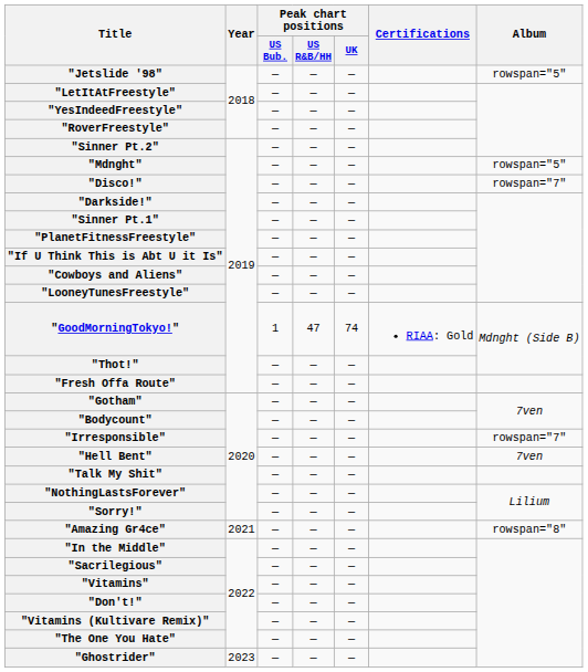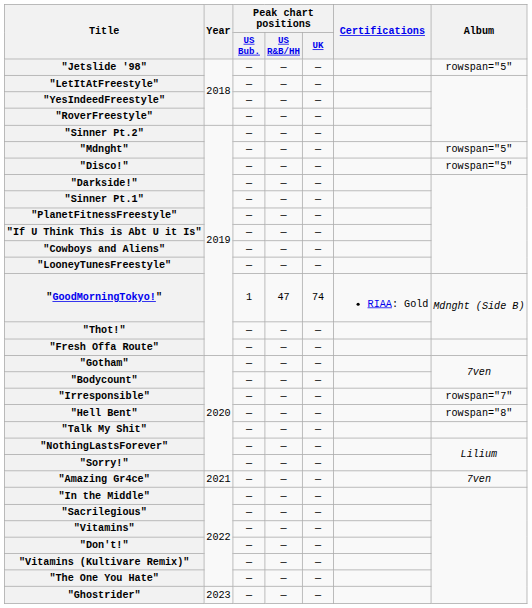 <table class="wikitable plainrowheaders" style="text-align:center;">
 <tr>
 <th rowspan="2" scope="col">Title</th>
 <th scope="col" rowspan="2">Year</th>
 <th colspan="3">Peak chart positions</th>
 <th rowspan="2"><a href='#'>Certifications</a></th>
 <th scope="col" rowspan="2">Album</th>
 </tr>
 <tr>
 <th scope="col" style="width:3em;font-size:90%;"><a href='#'>US<br>Bub.</a><br></th>
 <th scope="col" style="width:3em;font-size:90%;"><a href='#'>US<br>R&B/HH</a><br></th>
 <th scope="col" style="width:3em;font-size:90%;"><a href='#'>UK</a><br></th>
 </tr>
 <tr>
 <th scope="row">"Jetslide '98"</th>
 <td rowspan="4" align="center">2018</td>
 <td>—</td>
 <td>—</td>
 <td>—</td>
 <td></td>
 <td>rowspan="5" </td>
 </tr>
 <tr>
 <th scope="row">"LetItAtFreestyle"</th>
 <td>—</td>
 <td>—</td>
 <td>—</td>
 <td></td>
 </tr>
 <tr>
 <th scope="row">"YesIndeedFreestyle"</th>
 <td>—</td>
 <td>—</td>
 <td>—</td>
 <td></td>
 </tr>
 <tr>
 <th scope="row">"RoverFreestyle"</th>
 <td>—</td>
 <td>—</td>
 <td>—</td>
 <td></td>
 </tr>
 <tr>
 <th scope="row">"Sinner Pt.2"</th>
 <td rowspan="12" align="center">2019</td>
 <td>—</td>
 <td>—</td>
 <td>—</td>
 <td></td>
 </tr>
 <tr>
 <th scope="row">"Mdnght"</th>
 <td>—</td>
 <td>—</td>
 <td>—</td>
 <td></td>
 <td>rowspan="5" </td>
 </tr>
 <tr>
 <th scope="row">"Disco!"</th>
 <td>—</td>
 <td>—</td>
 <td>—</td>
 <td></td>
-<td>rowspan="7" </td>
+<td>rowspan="5" </td>
 </tr>
 <tr>
 <th scope="row">"Darkside!"</th>
 <td>—</td>
 <td>—</td>
 <td>—</td>
 <td></td>
 </tr>
 <tr>
 <th scope="row">"Sinner Pt.1"</th>
 <td>—</td>
 <td>—</td>
 <td>—</td>
 <td></td>
 </tr>
 <tr>
 <th scope="row">"PlanetFitnessFreestyle"<br></th>
 <td>—</td>
 <td>—</td>
 <td>—</td>
 <td></td>
 </tr>
 <tr>
 <th scope="row">"If U Think This is Abt U it Is"</th>
 <td>—</td>
 <td>—</td>
 <td>—</td>
 <td></td>
 </tr>
 <tr>
 <th scope="row">"Cowboys and Aliens"</th>
 <td>—</td>
 <td>—</td>
 <td>—</td>
 <td></td>
 </tr>
 <tr>
 <th scope="row">"LooneyTunesFreestyle"</th>
 <td>—</td>
 <td>—</td>
 <td>—</td>
 <td></td>
 </tr>
 <tr>
 <th scope="row">"<a href='#'>GoodMorningTokyo!</a>"</th>
 <td>1</td>
 <td>47</td>
 <td>74</td>
 <td><br><ul><li><a href='#'>RIAA</a>: Gold</li></ul></td>
 <td rowspan="2" align="center"><em>Mdnght (Side B)</em></td>
 </tr>
 <tr>
 <th scope="row">"Thot!"<br></th>
 <td>—</td>
 <td>—</td>
 <td>—</td>
 <td></td>
 </tr>
 <tr>
 <th scope="row">"Fresh Offa Route"<br></th>
 <td>—</td>
 <td>—</td>
 <td>—</td>
 <td></td>
 <td></td>
 </tr>
 <tr>
 <th scope="row">"Gotham"</th>
 <td rowspan="7" align="center">2020</td>
 <td>—</td>
 <td>—</td>
 <td>—</td>
 <td></td>
 <td rowspan="2" align="center"><em>7ven</em></td>
 </tr>
 <tr>
 <th scope="row">"Bodycount"<br></th>
 <td>—</td>
 <td>—</td>
 <td>—</td>
 <td></td>
 </tr>
 <tr>
 <th scope="row">"Irresponsible"</th>
 <td>—</td>
 <td>—</td>
 <td>—</td>
 <td></td>
 <td>rowspan="7" </td>
 </tr>
 <tr>
 <th scope="row">"Hell Bent"<br></th>
 <td>—</td>
 <td>—</td>
 <td>—</td>
 <td></td>
-<td><em>7ven</em></td>
+<td>rowspan="8" </td>
 </tr>
 <tr>
 <th scope="row">"Talk My Shit"<br></th>
 <td>—</td>
 <td>—</td>
 <td>—</td>
 <td></td>
 <td></td>
 </tr>
 <tr>
 <th scope="row">"NothingLastsForever"</th>
 <td>—</td>
 <td>—</td>
 <td>—</td>
 <td></td>
 <td align="center" rowspan="2"><em>Lilium</em></td>
 </tr>
 <tr>
 <th scope="row">"Sorry!"<br></th>
 <td>—</td>
 <td>—</td>
 <td>—</td>
 <td></td>
 </tr>
 <tr>
 <th scope="row">"Amazing Gr4ce"</th>
 <td>2021</td>
 <td>—</td>
 <td>—</td>
 <td>—</td>
 <td></td>
-<td>rowspan="8" </td>
+<td><em>7ven</em></td>
 </tr>
 <tr>
 <th scope="row">"In the Middle"</th>
 <td rowspan="6" align="center">2022</td>
 <td>—</td>
 <td>—</td>
 <td>—</td>
 <td></td>
 </tr>
 <tr>
 <th scope="row">"Sacrilegious"<br></th>
 <td>—</td>
 <td>—</td>
 <td>—</td>
 <td></td>
 </tr>
 <tr>
 <th scope="row">"Vitamins"<br></th>
 <td>—</td>
 <td>—</td>
 <td>—</td>
 <td></td>
 </tr>
 <tr>
 <th scope="row">"Don't!"</th>
 <td>—</td>
 <td>—</td>
 <td>—</td>
 <td></td>
 </tr>
 <tr>
 <th scope="row">"Vitamins (Kultivare Remix)"<br></th>
 <td>—</td>
 <td>—</td>
 <td>—</td>
 <td></td>
 </tr>
 <tr>
 <th scope="row">"The One You Hate"<br></th>
 <td>—</td>
 <td>—</td>
 <td>—</td>
 <td></td>
 </tr>
 <tr>
 <th scope="row">"Ghostrider"</th>
 <td>2023</td>
 <td>—</td>
 <td>—</td>
 <td>—</td>
 <td></td>
 </tr>
 </table>
